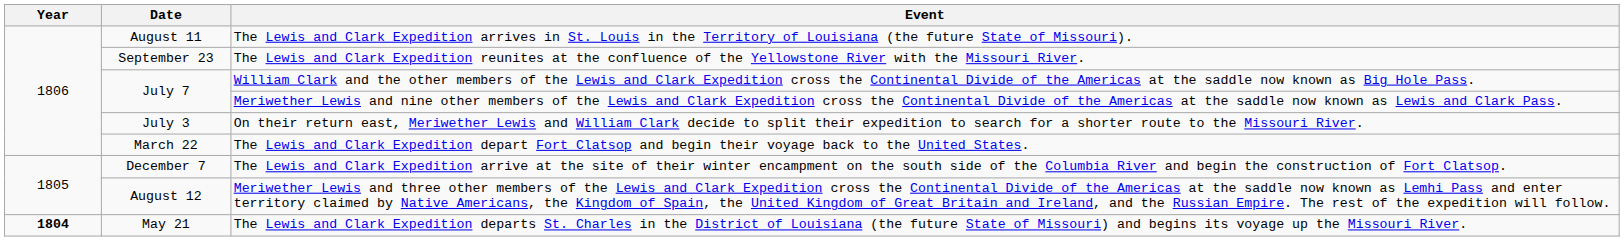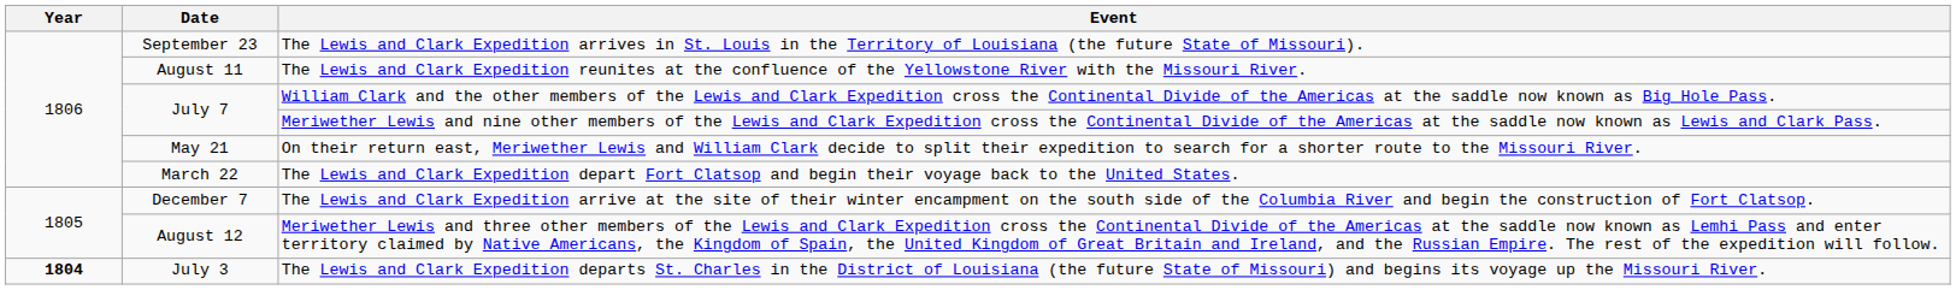 <table class="wikitable" style="width:100%;">
 <tr>
 <th style="width:6%">Year</th>
 <th style="width:8%">Date</th>
 <th style="width:86%">Event</th>
 </tr>
 <tr>
 <td align=center rowspan=6>1806</td>
-<td align=center>August 11</td>
+<td align=center>September 23</td>
 <td>The <a href='#'>Lewis and Clark Expedition</a> arrives in <a href='#'>St. Louis</a> in the <a href='#'>Territory of Louisiana</a> (the future <a href='#'>State of Missouri</a>).</td>
 </tr>
 <tr>
-<td align=center>September 23</td>
+<td align=center>August 11</td>
 <td>The <a href='#'>Lewis and Clark Expedition</a> reunites at the confluence of the <a href='#'>Yellowstone River</a> with the <a href='#'>Missouri River</a>.</td>
 </tr>
 <tr>
 <td align=center rowspan=2>July 7</td>
 <td><a href='#'>William Clark</a> and the other members of the <a href='#'>Lewis and Clark Expedition</a> cross the <a href='#'>Continental Divide of the Americas</a> at the saddle now known as <a href='#'>Big Hole Pass</a>.</td>
 </tr>
 <tr>
 <td><a href='#'>Meriwether Lewis</a> and nine other members of the <a href='#'>Lewis and Clark Expedition</a> cross the <a href='#'>Continental Divide of the Americas</a> at the saddle now known as <a href='#'>Lewis and Clark Pass</a>.</td>
 </tr>
 <tr>
-<td align=center>July 3</td>
+<td align=center>May 21</td>
 <td>On their return east, <a href='#'>Meriwether Lewis</a> and <a href='#'>William Clark</a> decide to split their expedition to search for a shorter route to the <a href='#'>Missouri River</a>.</td>
 </tr>
 <tr>
 <td align=center>March 22</td>
 <td>The <a href='#'>Lewis and Clark Expedition</a> depart <a href='#'>Fort Clatsop</a> and begin their voyage back to the <a href='#'>United States</a>.</td>
 </tr>
 <tr>
 <td align=center rowspan=2>1805</td>
 <td align=center>December 7</td>
 <td>The <a href='#'>Lewis and Clark Expedition</a> arrive at the site of their winter encampment on the south side of the <a href='#'>Columbia River</a> and begin the construction of <a href='#'>Fort Clatsop</a>.</td>
 </tr>
 <tr>
 <td align=center>August 12</td>
 <td><a href='#'>Meriwether Lewis</a> and three other members of the <a href='#'>Lewis and Clark Expedition</a> cross the <a href='#'>Continental Divide of the Americas</a> at the saddle now known as <a href='#'>Lemhi Pass</a> and enter territory claimed by <a href='#'>Native Americans</a>, the <a href='#'>Kingdom of Spain</a>, the <a href='#'>United Kingdom of Great Britain and Ireland</a>, and the <a href='#'>Russian Empire</a>. The rest of the expedition will follow.</td>
 </tr>
 <tr>
 <td align=center rowspan=1><strong>1804</strong></td>
-<td align=center>May 21</td>
+<td align=center>July 3</td>
 <td>The <a href='#'>Lewis and Clark Expedition</a> departs <a href='#'>St. Charles</a> in the <a href='#'>District of Louisiana</a> (the future <a href='#'>State of Missouri</a>) and begins its voyage up the <a href='#'>Missouri River</a>.</td>
 </tr>
 </table>
